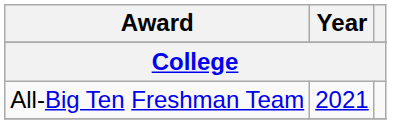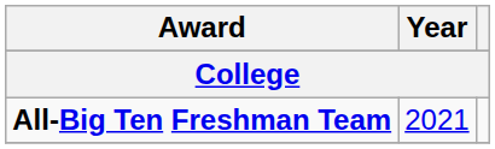 <table class="wikitable">
 <tr>
 <th>Award</th>
 <th>Year</th>
 <th></th>
 </tr>
 <tr ALIGN="center" bgcolor="#e0e0e0">
 </tr>
 <tr ALIGN="center" bgcolor="#e0e0e0">
 <th colspan="3"><a href='#'>College</a></th>
 </tr>
 <tr>
-<td>All-<a href='#'>Big Ten</a> <a href='#'>Freshman Team</a></td>
+<td><strong>All-<a href='#'>Big Ten</a> <a href='#'>Freshman Team</a></strong></td>
 <td><a href='#'>2021</a></td>
 <td></td>
 </tr>
 <tr>
 </tr>
 </table>
